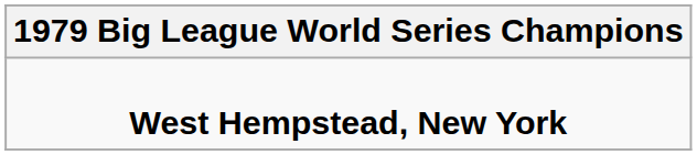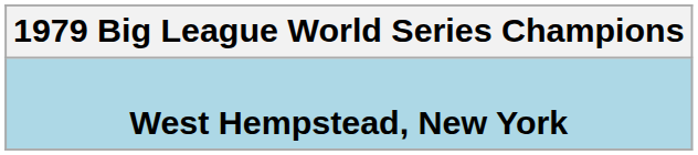 <table class="wikitable" style="text-align: center; margin: 0 auto;">
 <tr>
 <th>1979 Big League World Series Champions</th>
 </tr>
 <tr>
-<td><br><strong>West Hempstead, New York</strong></td>
+<td style="background: lightblue;"><br><strong>West Hempstead, New York</strong></td>
 </tr>
 </table>
